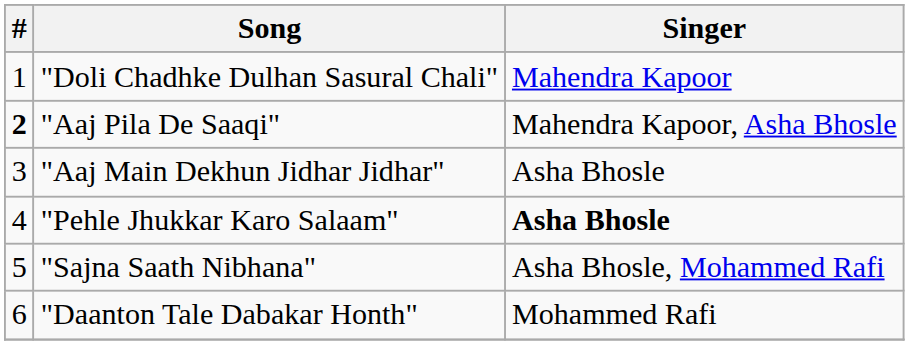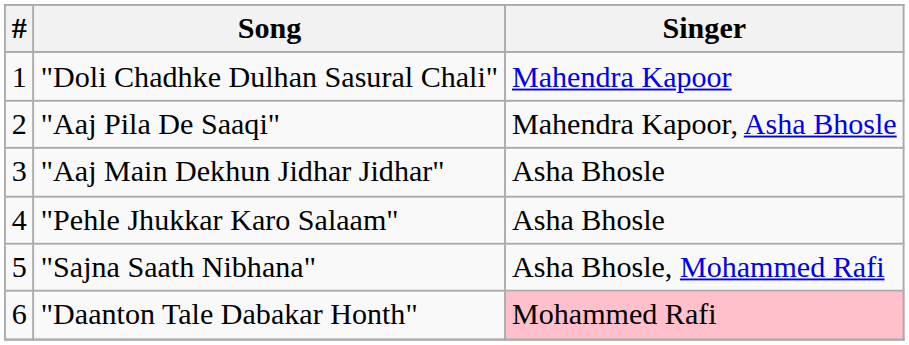 <table class="wikitable">
 <tr>
 <th>#</th>
 <th>Song</th>
 <th>Singer</th>
 </tr>
 <tr>
 <td>1</td>
 <td>"Doli Chadhke Dulhan Sasural Chali"</td>
 <td><a href='#'>Mahendra Kapoor</a></td>
 </tr>
 <tr>
-<td><strong>2</strong></td>
+<td>2</td>
 <td>"Aaj Pila De Saaqi"</td>
 <td>Mahendra Kapoor, <a href='#'>Asha Bhosle</a></td>
 </tr>
 <tr>
 <td>3</td>
 <td>"Aaj Main Dekhun Jidhar Jidhar"</td>
 <td>Asha Bhosle</td>
 </tr>
 <tr>
 <td>4</td>
 <td>"Pehle Jhukkar Karo Salaam"</td>
-<td><strong>Asha Bhosle</strong></td>
+<td>Asha Bhosle</td>
 </tr>
 <tr>
 <td>5</td>
 <td>"Sajna Saath Nibhana"</td>
 <td>Asha Bhosle, <a href='#'>Mohammed Rafi</a></td>
 </tr>
 <tr>
 <td>6</td>
 <td>"Daanton Tale Dabakar Honth"</td>
-<td>Mohammed Rafi</td>
+<td style="background: pink;">Mohammed Rafi</td>
 </tr>
 <tr>
 </tr>
 </table>
